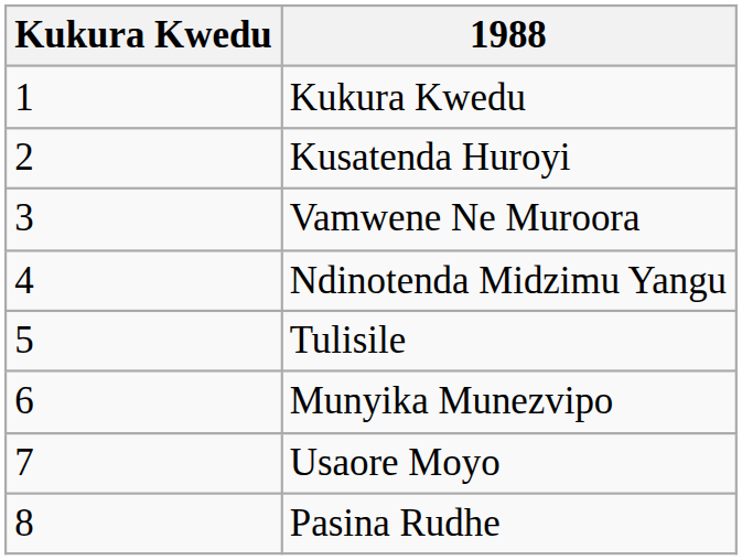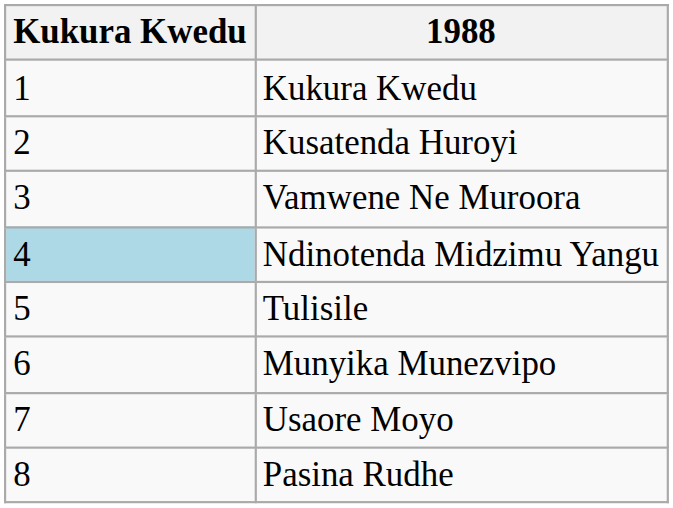 <table class="wikitable">
 <tr>
 <th>Kukura Kwedu</th>
 <th>1988</th>
 </tr>
 <tr>
 <td>1</td>
 <td>Kukura Kwedu</td>
 </tr>
 <tr>
 <td>2</td>
 <td>Kusatenda Huroyi</td>
 </tr>
 <tr>
 <td>3</td>
 <td>Vamwene Ne Muroora</td>
 </tr>
 <tr>
-<td>4</td>
+<td style="background: lightblue;">4</td>
 <td>Ndinotenda Midzimu Yangu</td>
 </tr>
 <tr>
 <td>5</td>
 <td>Tulisile</td>
 </tr>
 <tr>
 <td>6</td>
 <td>Munyika Munezvipo</td>
 </tr>
 <tr>
 <td>7</td>
 <td>Usaore Moyo</td>
 </tr>
 <tr>
 <td>8</td>
 <td>Pasina Rudhe</td>
 </tr>
 </table>
